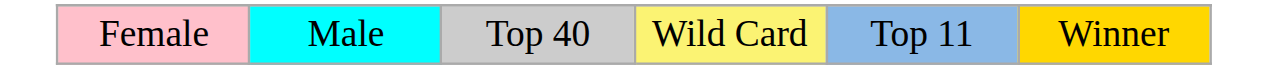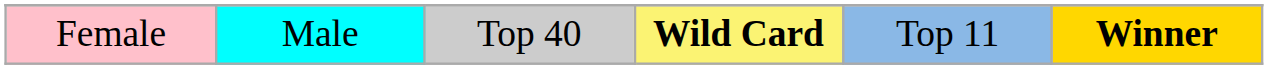 <table class="wikitable" style="margin:1em auto; text-align:center;">
 <tr>
 </tr>
 <tr>
 <td style="background:pink; width:15%;">Female</td>
 <td style="background:cyan; width:15%;">Male</td>
 <td style="background:#ccc; width:15%;">Top 40</td>
-<td style="background:#fbf373; width:15%;">Wild Card</td>
+<td style="background:#fbf373; width:15%;"><strong>Wild Card</strong></td>
 <td style="background:#8ab8e6; width:15%;">Top 11</td>
-<td style="background:gold;" width="15%">Winner</td>
+<td style="background:gold;" width="15%"><strong>Winner</strong></td>
 </tr>
 </table>
